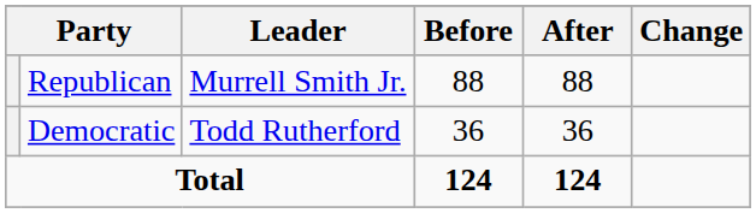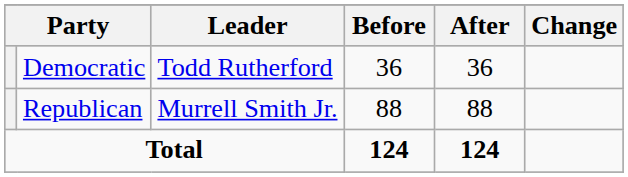 <table class="wikitable" style="text-align:center;">
 <tr>
 </tr>
 <tr>
 <th colspan="2">Party</th>
 <th>Leader</th>
 <th style="width:3em">Before</th>
 <th style="width:3em">After</th>
 <th style="width:3em">Change</th>
 </tr>
 <tr>
 <th style="background-color:"></th>
+<td style="text-align:left;"><a href='#'>Democratic</a></td>
+<td style="text-align:left;"><a href='#'>Todd Rutherford</a></td>
+<td>36</td>
+<td>36</td>
+<td></td>
+</tr>
+<tr>
+<th style="background-color:"></th>
 <td style="text-align:left;"><a href='#'>Republican</a></td>
 <td style="text-align:left;"><a href='#'>Murrell Smith Jr.</a></td>
 <td>88</td>
 <td>88</td>
-<td></td>
-</tr>
-<tr>
-<th style="background-color:"></th>
-<td style="text-align:left;"><a href='#'>Democratic</a></td>
-<td style="text-align:left;"><a href='#'>Todd Rutherford</a></td>
-<td>36</td>
-<td>36</td>
 <td></td>
 </tr>
 <tr>
 <td colspan="3"><strong>Total</strong></td>
 <td><strong>124</strong></td>
 <td><strong>124</strong></td>
 <td></td>
 </tr>
 </table>
